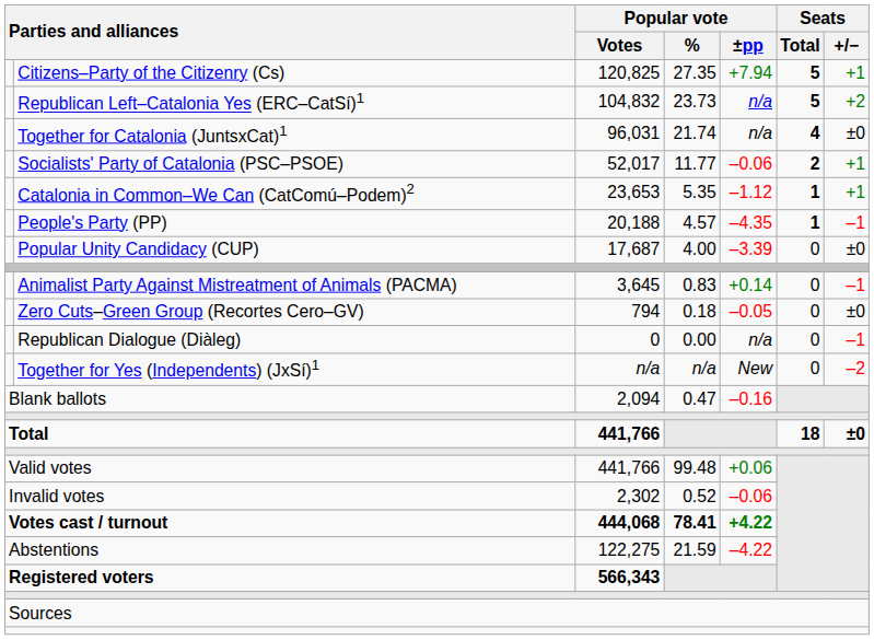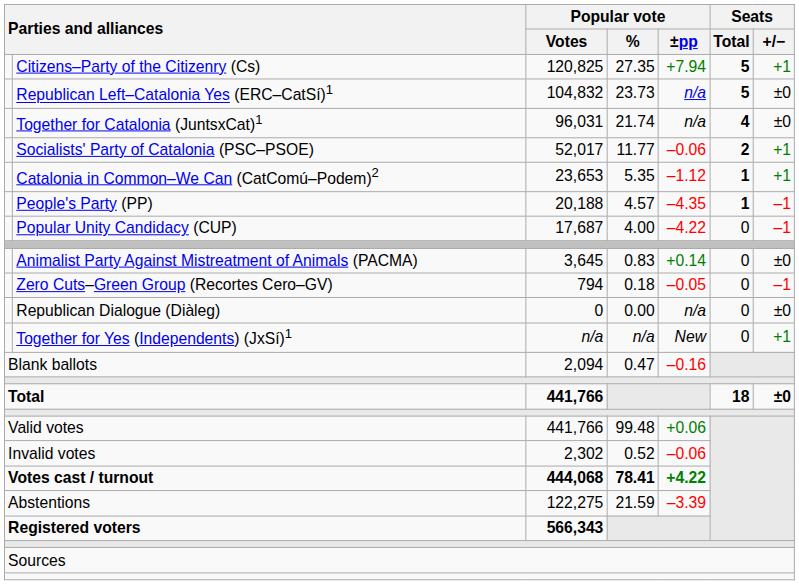 <table class="wikitable" style="text-align:right;">
 <tr>
 <th style="text-align:left;" rowspan="2" colspan="2" width="525">Parties and alliances</th>
 <th colspan="3">Popular vote</th>
 <th colspan="2">Seats</th>
 </tr>
 <tr>
 <th width="75">Votes</th>
 <th width="45">%</th>
 <th width="45">±<a href='#'>pp</a></th>
 <th width="35">Total</th>
 <th width="35">+/−</th>
 </tr>
 <tr>
 <td style="color:inherit;background:"></td>
 <td align="left"><a href='#'>Citizens–Party of the Citizenry</a> (Cs)</td>
 <td>120,825</td>
 <td>27.35</td>
 <td style="color:green;">+7.94</td>
 <td><strong>5</strong></td>
 <td style="color:green;">+1</td>
 </tr>
 <tr>
 <td style="color:inherit;background:"></td>
 <td align="left"><a href='#'>Republican Left–Catalonia Yes</a> (ERC–CatSí)<sup>1</sup></td>
 <td>104,832</td>
 <td>23.73</td>
 <td><em><a href='#'>n/a</a></em></td>
 <td><strong>5</strong></td>
-<td style="color:green;">+2</td>
+<td>±0</td>
 </tr>
 <tr>
 <td width="1" style="color:inherit;background:"></td>
 <td align="left"><a href='#'>Together for Catalonia</a> (JuntsxCat)<sup>1</sup></td>
 <td>96,031</td>
 <td>21.74</td>
 <td><em>n/a</em></td>
 <td><strong>4</strong></td>
 <td>±0</td>
 </tr>
 <tr>
 <td style="color:inherit;background:"></td>
 <td align="left"><a href='#'>Socialists' Party of Catalonia</a> (PSC–PSOE)</td>
 <td>52,017</td>
 <td>11.77</td>
 <td style="color:red;">–0.06</td>
 <td><strong>2</strong></td>
 <td style="color:green;">+1</td>
 </tr>
 <tr>
 <td style="color:inherit;background:"></td>
 <td align="left"><a href='#'>Catalonia in Common–We Can</a> (CatComú–Podem)<sup>2</sup></td>
 <td>23,653</td>
 <td>5.35</td>
 <td style="color:red;">–1.12</td>
 <td><strong>1</strong></td>
 <td style="color:green;">+1</td>
 </tr>
 <tr>
 <td style="color:inherit;background:"></td>
 <td align="left"><a href='#'>People's Party</a> (PP)</td>
 <td>20,188</td>
 <td>4.57</td>
 <td style="color:red;">–4.35</td>
 <td><strong>1</strong></td>
 <td style="color:red;">–1</td>
 </tr>
 <tr>
 <td style="color:inherit;background:"></td>
 <td align="left"><a href='#'>Popular Unity Candidacy</a> (CUP)</td>
 <td>17,687</td>
 <td>4.00</td>
-<td style="color:red;">–3.39</td>
+<td style="color:red;">–4.22</td>
 <td>0</td>
-<td>±0</td>
+<td style="color:red;">–1</td>
 </tr>
 <tr>
 <td colspan="7" bgcolor="#C0C0C0"></td>
 </tr>
 <tr>
 <td style="color:inherit;background:"></td>
 <td align="left"><a href='#'>Animalist Party Against Mistreatment of Animals</a> (PACMA)</td>
 <td>3,645</td>
 <td>0.83</td>
 <td style="color:green;">+0.14</td>
 <td>0</td>
-<td style="color:red;">–1</td>
+<td>±0</td>
 </tr>
 <tr>
 <td style="color:inherit;background:"></td>
 <td align="left"><a href='#'>Zero Cuts</a>–<a href='#'>Green Group</a> (Recortes Cero–GV)</td>
 <td>794</td>
 <td>0.18</td>
 <td style="color:red;">–0.05</td>
 <td>0</td>
-<td>±0</td>
+<td style="color:red;">–1</td>
 </tr>
 <tr>
 <td style="color:inherit;background:"></td>
 <td align="left">Republican Dialogue (Diàleg)</td>
 <td>0</td>
 <td>0.00</td>
 <td><em>n/a</em></td>
 <td>0</td>
-<td style="color:red;">–1</td>
+<td>±0</td>
 </tr>
 <tr>
 <td style="color:inherit;background:"></td>
 <td align="left"><a href='#'>Together for Yes</a> (<a href='#'>Independents</a>) (JxSí)<sup>1</sup></td>
 <td><em>n/a</em></td>
 <td><em>n/a</em></td>
 <td><em>New</em></td>
 <td>0</td>
-<td style="color:red;">–2</td>
+<td style="color:green;">+1</td>
 </tr>
 <tr>
 <td align="left" colspan="2">Blank ballots</td>
 <td>2,094</td>
 <td>0.47</td>
 <td style="color:red;">–0.16</td>
 <td bgcolor="#E9E9E9" colspan="2"></td>
 </tr>
 <tr>
 <td colspan="7" bgcolor="#E9E9E9"></td>
 </tr>
 <tr style="font-weight:bold;">
 <td align="left" colspan="2">Total</td>
 <td>441,766</td>
 <td bgcolor="#E9E9E9" colspan="2"></td>
 <td>18</td>
 <td>±0</td>
 </tr>
 <tr>
 <td colspan="7" bgcolor="#E9E9E9"></td>
 </tr>
 <tr>
 <td align="left" colspan="2">Valid votes</td>
 <td>441,766</td>
 <td>99.48</td>
 <td style="color:green;">+0.06</td>
 <td bgcolor="#E9E9E9" colspan="2" rowspan="5"></td>
 </tr>
 <tr>
 <td align="left" colspan="2">Invalid votes</td>
 <td>2,302</td>
 <td>0.52</td>
 <td style="color:red;">–0.06</td>
 </tr>
 <tr style="font-weight:bold;">
 <td align="left" colspan="2">Votes cast / turnout</td>
 <td>444,068</td>
 <td>78.41</td>
 <td style="color:green;">+4.22</td>
 </tr>
 <tr>
 <td align="left" colspan="2">Abstentions</td>
 <td>122,275</td>
 <td>21.59</td>
-<td style="color:red;">–4.22</td>
+<td style="color:red;">–3.39</td>
 </tr>
 <tr style="font-weight:bold;">
 <td align="left" colspan="2">Registered voters</td>
 <td>566,343</td>
 <td bgcolor="#E9E9E9" colspan="2"></td>
 </tr>
 <tr>
 <td colspan="7" bgcolor="#E9E9E9"></td>
 </tr>
 <tr>
 <td align="left" colspan="7">Sources</td>
 </tr>
 <tr>
 <td colspan="7" style="text-align:left; max-width:790px;"></td>
 </tr>
 </table>
